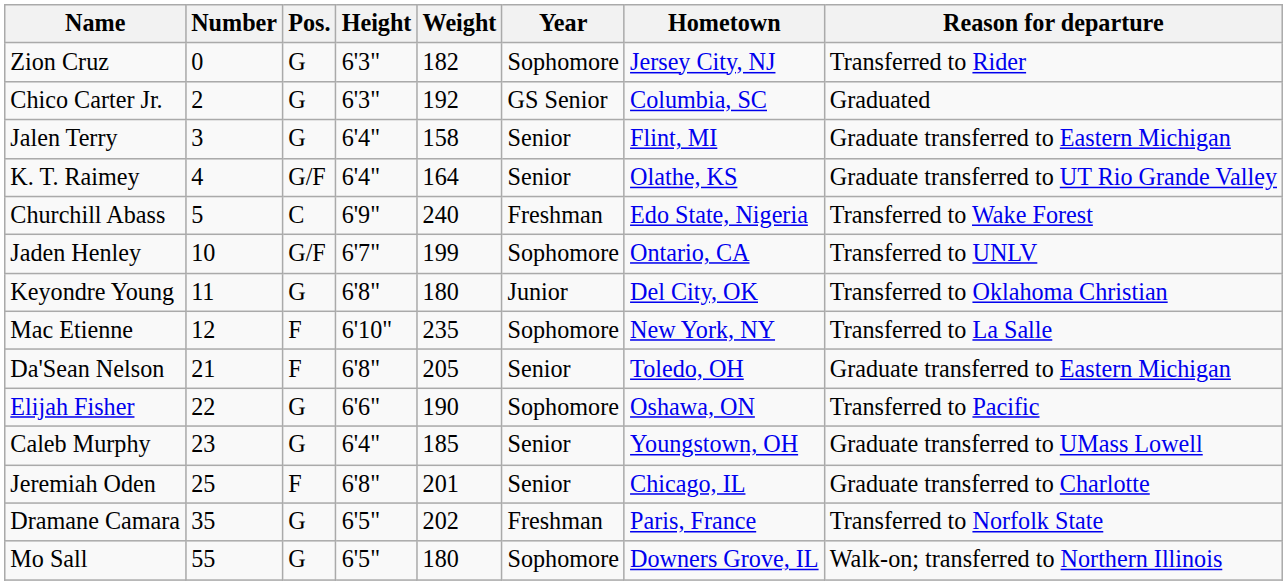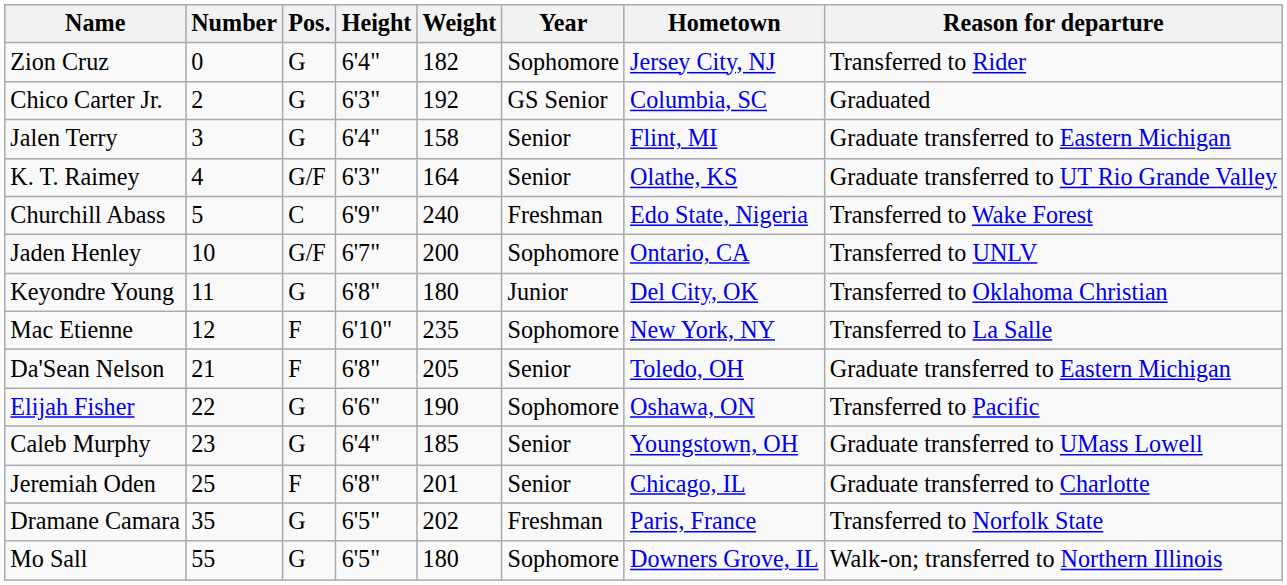 <table class="wikitable sortable" border="1">
 <tr align=center>
 <th>Name</th>
 <th>Number</th>
 <th>Pos.</th>
 <th>Height</th>
 <th>Weight</th>
 <th>Year</th>
 <th>Hometown</th>
 <th>Reason for departure</th>
 </tr>
 <tr>
 <td>Zion Cruz</td>
 <td>0</td>
 <td>G</td>
-<td>6'3"</td>
+<td>6'4"</td>
 <td>182</td>
 <td>Sophomore</td>
 <td><a href='#'>Jersey City, NJ</a></td>
 <td>Transferred to <a href='#'>Rider</a></td>
 </tr>
 <tr>
 <td>Chico Carter Jr.</td>
 <td>2</td>
 <td>G</td>
 <td>6'3"</td>
 <td>192</td>
 <td>GS Senior</td>
 <td><a href='#'>Columbia, SC</a></td>
 <td>Graduated</td>
 </tr>
 <tr>
 <td>Jalen Terry</td>
 <td>3</td>
 <td>G</td>
 <td>6'4"</td>
 <td>158</td>
 <td>Senior</td>
 <td><a href='#'>Flint, MI</a></td>
 <td>Graduate transferred to <a href='#'>Eastern Michigan</a></td>
 </tr>
 <tr>
 <td>K. T. Raimey</td>
 <td>4</td>
 <td>G/F</td>
-<td>6'4"</td>
+<td>6'3"</td>
 <td>164</td>
 <td>Senior</td>
 <td><a href='#'>Olathe, KS</a></td>
 <td>Graduate transferred to <a href='#'>UT Rio Grande Valley</a></td>
 </tr>
 <tr>
 <td>Churchill Abass</td>
 <td>5</td>
 <td>C</td>
 <td>6'9"</td>
 <td>240</td>
 <td>Freshman</td>
 <td><a href='#'>Edo State, Nigeria</a></td>
 <td>Transferred to <a href='#'>Wake Forest</a></td>
 </tr>
 <tr>
 <td>Jaden Henley</td>
 <td>10</td>
 <td>G/F</td>
 <td>6'7"</td>
-<td>199</td>
+<td>200</td>
 <td>Sophomore</td>
 <td><a href='#'>Ontario, CA</a></td>
 <td>Transferred to <a href='#'>UNLV</a></td>
 </tr>
 <tr>
 <td>Keyondre Young</td>
 <td>11</td>
 <td>G</td>
 <td>6'8"</td>
 <td>180</td>
 <td>Junior</td>
 <td><a href='#'>Del City, OK</a></td>
 <td>Transferred to <a href='#'>Oklahoma Christian</a></td>
 </tr>
 <tr>
 <td>Mac Etienne</td>
 <td>12</td>
 <td>F</td>
 <td>6'10"</td>
 <td>235</td>
 <td> Sophomore</td>
 <td><a href='#'>New York, NY</a></td>
 <td>Transferred to <a href='#'>La Salle</a></td>
 </tr>
 <tr>
 <td>Da'Sean Nelson</td>
 <td>21</td>
 <td>F</td>
 <td>6'8"</td>
 <td>205</td>
 <td>Senior</td>
 <td><a href='#'>Toledo, OH</a></td>
 <td>Graduate transferred to <a href='#'>Eastern Michigan</a></td>
 </tr>
 <tr>
 <td><a href='#'>Elijah Fisher</a></td>
 <td>22</td>
 <td>G</td>
 <td>6'6"</td>
 <td>190</td>
 <td>Sophomore</td>
 <td><a href='#'>Oshawa, ON</a></td>
 <td>Transferred to <a href='#'>Pacific</a></td>
 </tr>
 <tr>
 <td>Caleb Murphy</td>
 <td>23</td>
 <td>G</td>
 <td>6'4"</td>
 <td>185</td>
 <td>Senior</td>
 <td><a href='#'>Youngstown, OH</a></td>
 <td>Graduate transferred to <a href='#'>UMass Lowell</a></td>
 </tr>
 <tr>
 <td>Jeremiah Oden</td>
 <td>25</td>
 <td>F</td>
 <td>6'8"</td>
 <td>201</td>
 <td>Senior</td>
 <td><a href='#'>Chicago, IL</a></td>
 <td>Graduate transferred to <a href='#'>Charlotte</a></td>
 </tr>
 <tr>
 <td>Dramane Camara</td>
 <td>35</td>
 <td>G</td>
 <td>6'5"</td>
 <td>202</td>
 <td>Freshman</td>
 <td><a href='#'>Paris, France</a></td>
 <td>Transferred to <a href='#'>Norfolk State</a></td>
 </tr>
 <tr>
 <td>Mo Sall</td>
 <td>55</td>
 <td>G</td>
 <td>6'5"</td>
 <td>180</td>
 <td>Sophomore</td>
 <td><a href='#'>Downers Grove, IL</a></td>
 <td>Walk-on; transferred to <a href='#'>Northern Illinois</a></td>
 </tr>
 </table>
